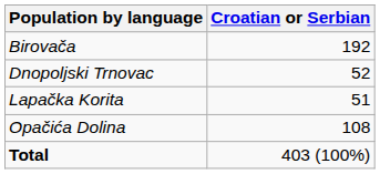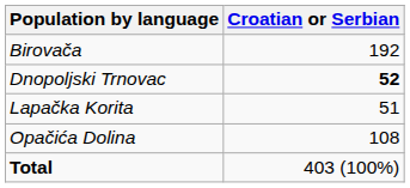 <table class="wikitable sortable">
 <tr>
 <th>Population by language</th>
 <th><a href='#'>Croatian</a> or <a href='#'>Serbian</a></th>
 </tr>
 <tr>
 <td><em>Birovača</em></td>
 <td align="right">192</td>
 </tr>
 <tr>
 <td><em>Dnopoljski Trnovac</em></td>
-<td align="right">52</td>
+<td align="right"><strong>52</strong></td>
 </tr>
 <tr>
 <td><em>Lapačka Korita</em></td>
 <td align="right">51</td>
 </tr>
 <tr>
 <td><em>Opačića Dolina</em></td>
 <td align="right">108</td>
 </tr>
 <tr>
 <td><strong>Total</strong></td>
 <td align="right">403 (100%)</td>
 </tr>
 </table>
